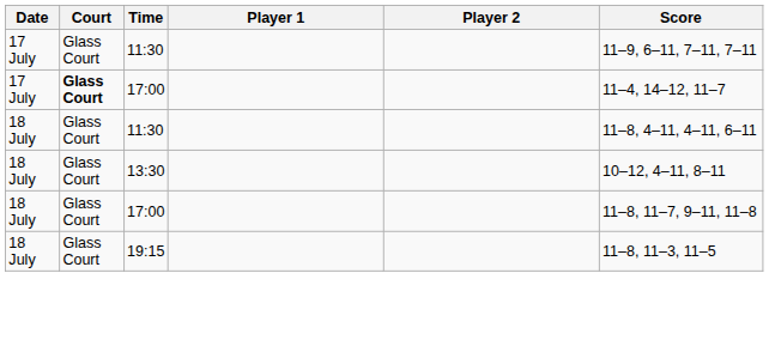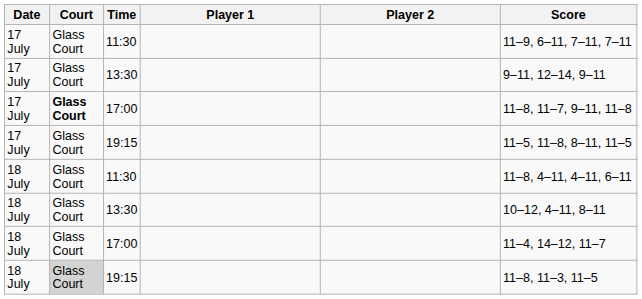 <table class="sortable wikitable" style="font-size:90%">
 <tr>
 <th width="45" class="unsortable">Date</th>
 <th width="55">Court</th>
 <th width="30">Time</th>
 <th width="200">Player 1</th>
 <th width="200">Player 2</th>
 <th width="150" class="unsortable">Score</th>
 </tr>
 <tr>
 <td>17 July</td>
 <td>Glass Court</td>
 <td>11:30</td>
 <td></td>
 <td><strong></strong></td>
 <td>11–9, 6–11, 7–11, 7–11</td>
 </tr>
 <tr>
 <td>17 July</td>
+<td>Glass Court</td>
+<td>13:30</td>
+<td></td>
+<td><strong></strong></td>
+<td>9–11, 12–14, 9–11</td>
+</tr>
+<tr>
+<td>17 July</td>
 <td><strong>Glass Court</strong></td>
 <td>17:00</td>
 <td><strong></strong></td>
 <td></td>
-<td>11–4, 14–12, 11–7</td>
+<td>11–8, 11–7, 9–11, 11–8</td>
+</tr>
+<tr>
+<td>17 July</td>
+<td>Glass Court</td>
+<td>19:15</td>
+<td><strong></strong></td>
+<td></td>
+<td>11–5, 11–8, 8–11, 11–5</td>
 </tr>
 <tr>
 <td>18 July</td>
 <td>Glass Court</td>
 <td>11:30</td>
 <td></td>
 <td><strong></strong></td>
 <td>11–8, 4–11, 4–11, 6–11</td>
 </tr>
 <tr>
 <td>18 July</td>
 <td>Glass Court</td>
 <td>13:30</td>
 <td><strong></strong></td>
 <td></td>
 <td>10–12, 4–11, 8–11</td>
 </tr>
 <tr>
 <td>18 July</td>
 <td>Glass Court</td>
 <td>17:00</td>
 <td><strong></strong></td>
 <td></td>
-<td>11–8, 11–7, 9–11, 11–8</td>
+<td>11–4, 14–12, 11–7</td>
 </tr>
 <tr>
 <td>18 July</td>
-<td>Glass Court</td>
+<td style="background: lightgrey;">Glass Court</td>
 <td>19:15</td>
 <td></td>
 <td><strong></strong></td>
 <td>11–8, 11–3, 11–5</td>
 </tr>
 </table>
